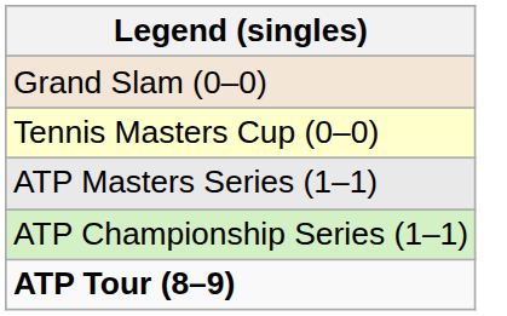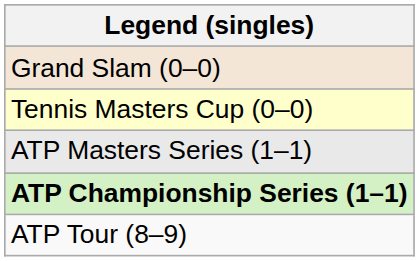 <table class="wikitable sortable mw-collapsible mw-collapsed">
 <tr>
 <th>Legend (singles)</th>
 </tr>
 <tr bgcolor=f3e6d7>
 <td>Grand Slam (0–0)</td>
 </tr>
 <tr bgcolor=ffffcc>
 <td>Tennis Masters Cup (0–0)</td>
 </tr>
 <tr bgcolor=e9e9e9>
 <td>ATP Masters Series (1–1)</td>
 </tr>
 <tr bgcolor=d4f1c5>
-<td>ATP Championship Series (1–1)</td>
+<td><strong>ATP Championship Series (1–1)</strong></td>
 </tr>
 <tr>
-<td><strong>ATP Tour (8–9)</strong></td>
+<td>ATP Tour (8–9)</td>
 </tr>
 </table>
